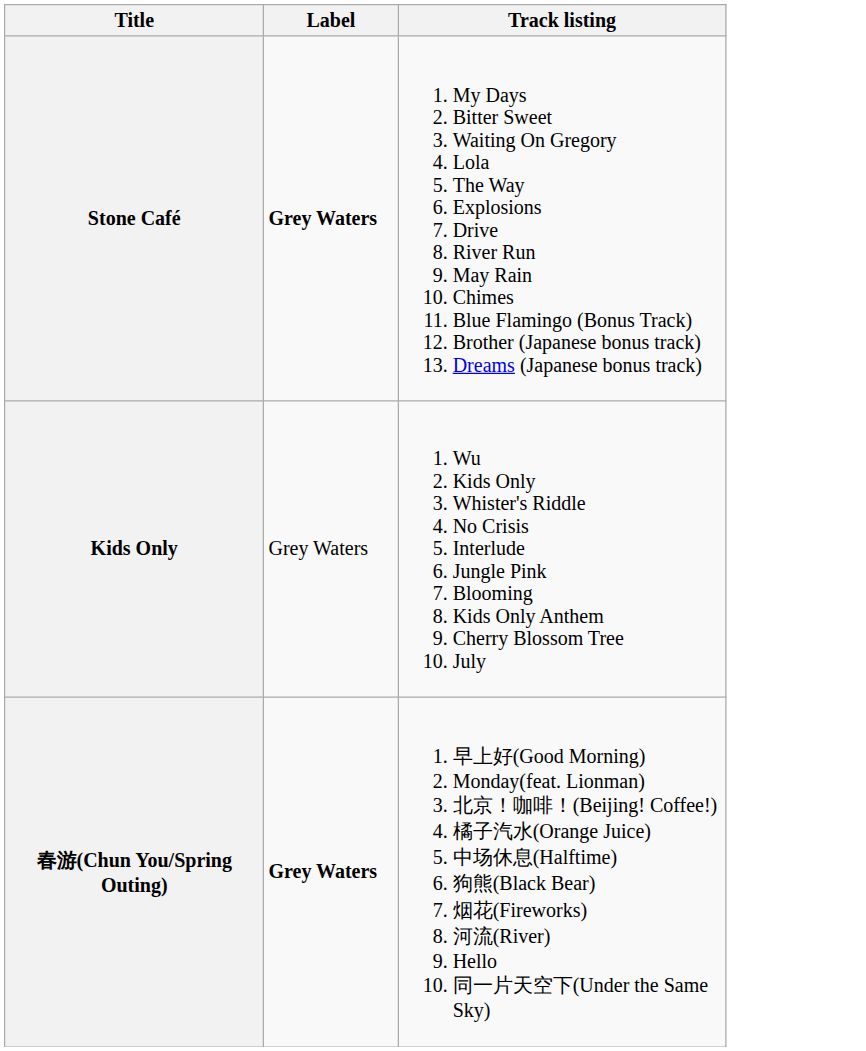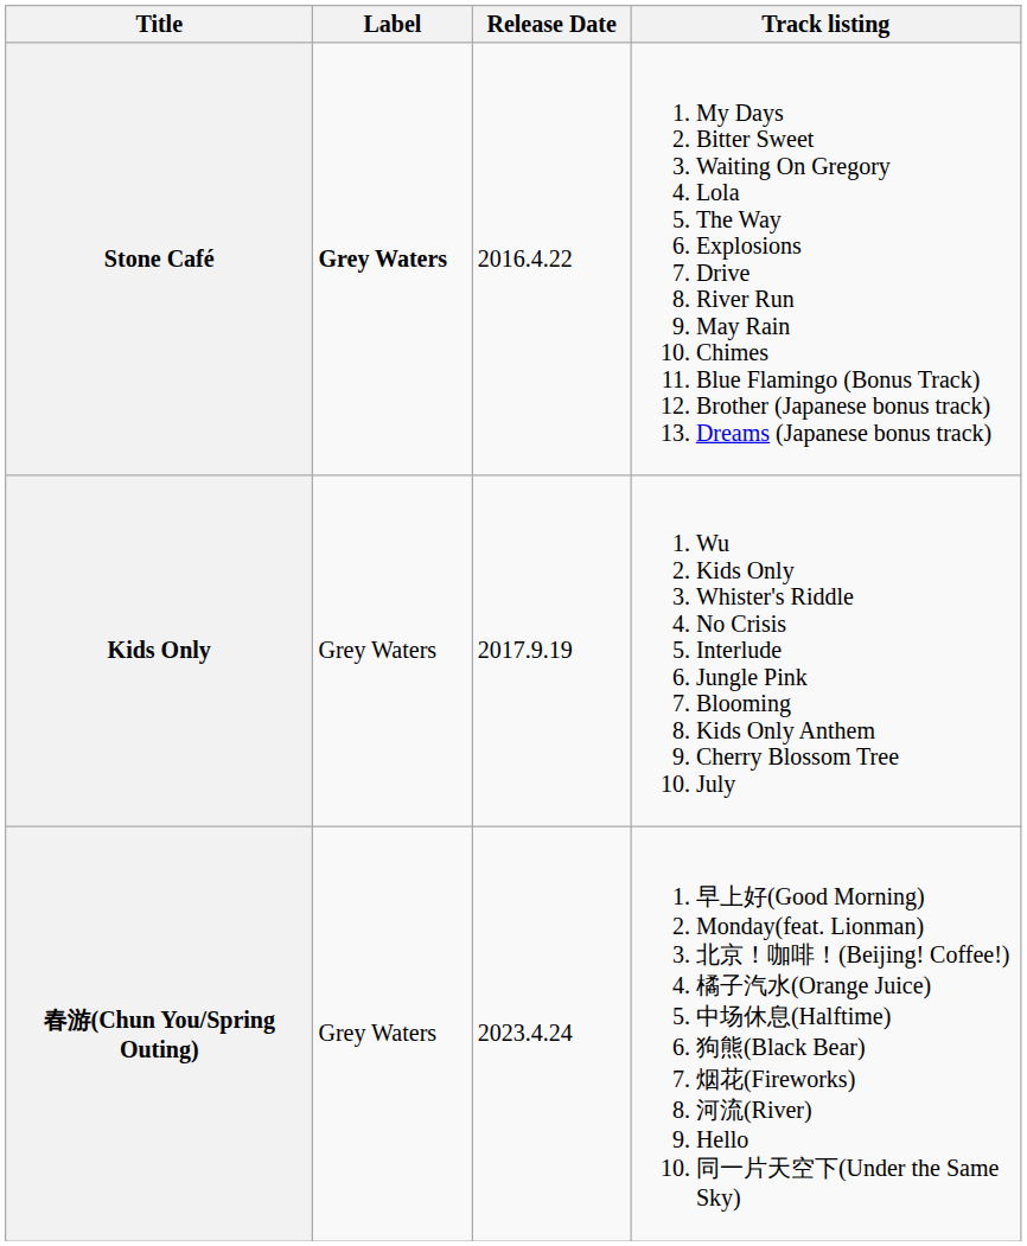 <table class="wikitable">
 <tr>
 <th width="200px">Title</th>
 <th width="100px">Label</th>
+<th width="100px">Release Date</th>
 <th width="255px">Track listing</th>
 </tr>
 <tr>
 <th>Stone Café</th>
 <td><strong>Grey Waters</strong></td>
+<td>2016.4.22</td>
 <td><br><ol><li>My Days</li><li>Bitter Sweet</li><li>Waiting On Gregory</li><li>Lola</li><li>The Way</li><li>Explosions</li><li>Drive</li><li>River Run</li><li>May Rain</li><li>Chimes</li><li>Blue Flamingo (Bonus Track)</li><li>Brother (Japanese bonus track)</li><li><a href='#'>Dreams</a> (Japanese bonus track)</li></ol></td>
 </tr>
 <tr>
 <th>Kids Only</th>
 <td>Grey Waters</td>
+<td>2017.9.19</td>
 <td><br><ol><li>Wu</li><li>Kids Only</li><li>Whister's Riddle</li><li>No Crisis</li><li>Interlude</li><li>Jungle Pink</li><li>Blooming</li><li>Kids Only Anthem</li><li>Cherry Blossom Tree</li><li>July</li></ol></td>
 </tr>
 <tr>
 <th>春游(Chun You/Spring Outing)</th>
-<td><strong>Grey Waters</strong></td>
+<td>Grey Waters</td>
+<td>2023.4.24</td>
 <td><br><ol><li>早上好(Good Morning)</li><li>Monday(feat. Lionman)</li><li>北京！咖啡！(Beijing! Coffee!)</li><li>橘子汽水(Orange Juice)</li><li>中场休息(Halftime)</li><li>狗熊(Black Bear)</li><li>烟花(Fireworks)</li><li>河流(River)</li><li>Hello</li><li>同一片天空下(Under the Same Sky)</li></ol></td>
 </tr>
 </table>
